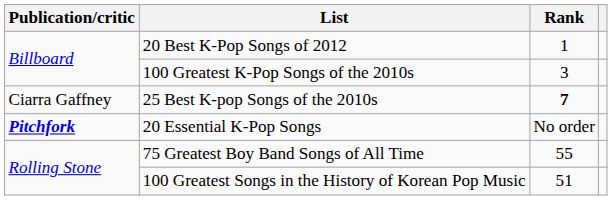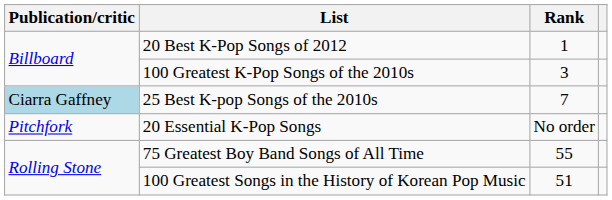 <table class="wikitable sortable">
 <tr>
 <th>Publication/critic</th>
 <th>List</th>
 <th>Rank</th>
 <th class="unsortable"></th>
 </tr>
 <tr>
 <td rowspan="2"><em><a href='#'>Billboard</a></em></td>
 <td>20 Best K-Pop Songs of 2012</td>
 <td align="center">1</td>
 <td align="center"></td>
 </tr>
 <tr>
 <td>100 Greatest K-Pop Songs of the 2010s</td>
 <td align="center">3</td>
 <td align="center"></td>
 </tr>
 <tr>
-<td>Ciarra Gaffney</td>
+<td style="background: lightblue;">Ciarra Gaffney</td>
 <td>25 Best K-pop Songs of the 2010s</td>
-<td style="text-align:center"><strong>7</strong></td>
+<td style="text-align:center">7</td>
 <td style="text-align:center"></td>
 </tr>
 <tr>
-<td><strong><em><a href='#'>Pitchfork</a></em></strong></td>
+<td><em><a href='#'>Pitchfork</a></em></td>
 <td>20 Essential K-Pop Songs</td>
 <td align="center">No order</td>
 <td align="center"></td>
 </tr>
 <tr>
 <td rowspan="2"><em><a href='#'>Rolling Stone</a></em></td>
 <td>75 Greatest Boy Band Songs of All Time</td>
 <td align="center">55</td>
 <td align="center"></td>
 </tr>
 <tr>
 <td>100 Greatest Songs in the History of Korean Pop Music</td>
 <td align="center">51</td>
 <td align="center"></td>
 </tr>
 </table>
